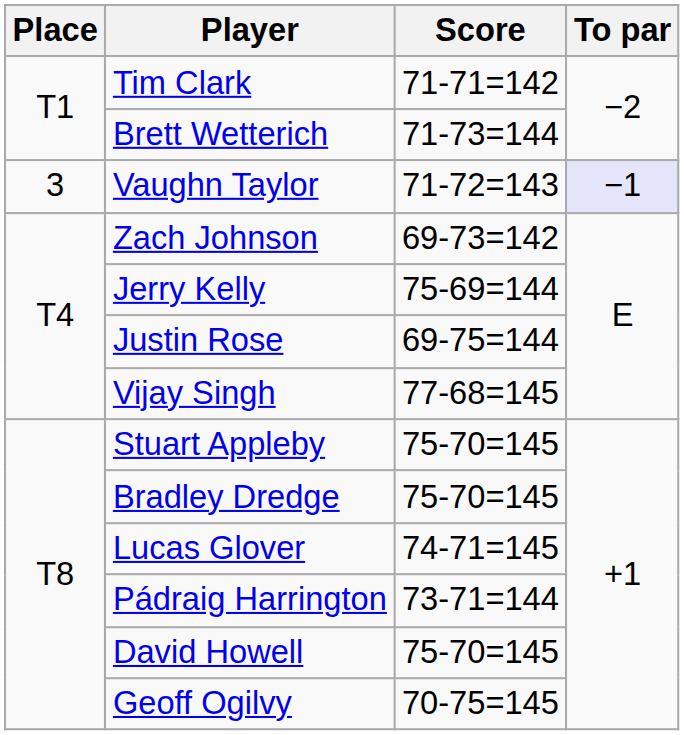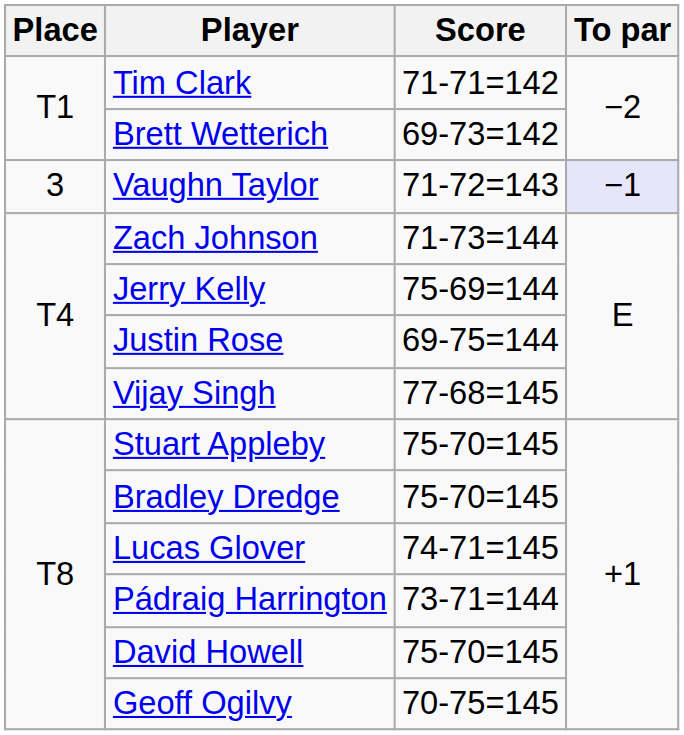 <table class="wikitable">
 <tr>
 <th>Place</th>
 <th>Player</th>
 <th>Score</th>
 <th>To par</th>
 </tr>
 <tr>
 <td rowspan=2 align="center">T1</td>
 <td> <a href='#'>Tim Clark</a></td>
 <td align="center">71-71=142</td>
 <td rowspan=2 align="center">−2</td>
 </tr>
 <tr>
 <td> <a href='#'>Brett Wetterich</a></td>
-<td align="center">71-73=144</td>
+<td align="center">69-73=142</td>
 </tr>
 <tr>
 <td align="center">3</td>
 <td> <a href='#'>Vaughn Taylor</a></td>
 <td align="center">71-72=143</td>
 <td align="center" style="background: lavender;">−1</td>
 </tr>
 <tr>
 <td rowspan=4 align="center">T4</td>
 <td> <a href='#'>Zach Johnson</a></td>
-<td align="center">69-73=142</td>
+<td align="center">71-73=144</td>
 <td rowspan=4 align="center">E</td>
 </tr>
 <tr>
 <td> <a href='#'>Jerry Kelly</a></td>
 <td align="center">75-69=144</td>
 </tr>
 <tr>
 <td> <a href='#'>Justin Rose</a></td>
 <td align="center">69-75=144</td>
 </tr>
 <tr>
 <td> <a href='#'>Vijay Singh</a></td>
 <td align="center">77-68=145</td>
 </tr>
 <tr>
 <td rowspan=6 align="center">T8</td>
 <td> <a href='#'>Stuart Appleby</a></td>
 <td align="center">75-70=145</td>
 <td rowspan=6 align="center">+1</td>
 </tr>
 <tr>
 <td> <a href='#'>Bradley Dredge</a></td>
 <td align="center">75-70=145</td>
 </tr>
 <tr>
 <td> <a href='#'>Lucas Glover</a></td>
 <td align="center">74-71=145</td>
 </tr>
 <tr>
 <td> <a href='#'>Pádraig Harrington</a></td>
 <td align="center">73-71=144</td>
 </tr>
 <tr>
 <td> <a href='#'>David Howell</a></td>
 <td align="center">75-70=145</td>
 </tr>
 <tr>
 <td> <a href='#'>Geoff Ogilvy</a></td>
 <td align="center">70-75=145</td>
 </tr>
 </table>
